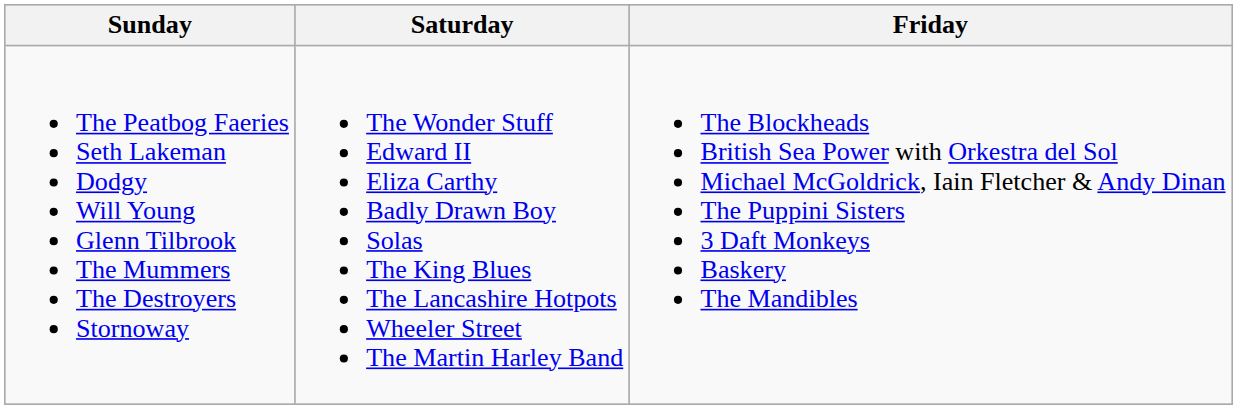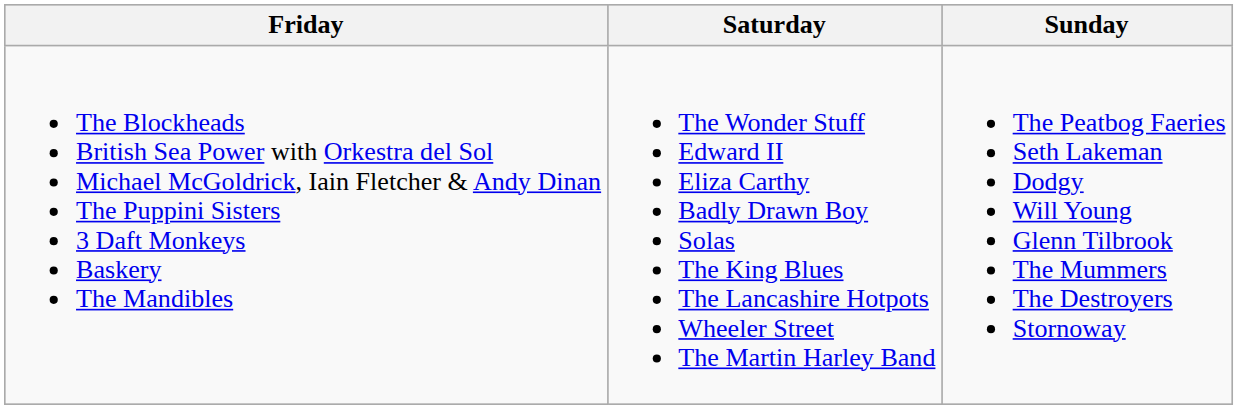 <table class="wikitable">
 <tr>
+<th>Friday</th>
+<th>Saturday</th>
 <th>Sunday</th>
-<th>Saturday</th>
-<th>Friday</th>
 </tr>
 <tr valign="top">
+<td><br><ul><li><a href='#'>The Blockheads</a></li><li><a href='#'>British Sea Power</a> with <a href='#'>Orkestra del Sol</a></li><li><a href='#'>Michael McGoldrick</a>, Iain Fletcher & <a href='#'>Andy Dinan</a></li><li><a href='#'>The Puppini Sisters</a></li><li><a href='#'>3 Daft Monkeys</a></li><li><a href='#'>Baskery</a></li><li><a href='#'>The Mandibles</a></li></ul></td>
+<td><br><ul><li><a href='#'>The Wonder Stuff</a></li><li><a href='#'>Edward II</a></li><li><a href='#'>Eliza Carthy</a></li><li><a href='#'>Badly Drawn Boy</a></li><li><a href='#'>Solas</a></li><li><a href='#'>The King Blues</a></li><li><a href='#'>The Lancashire Hotpots</a></li><li><a href='#'>Wheeler Street</a></li><li><a href='#'>The Martin Harley Band</a></li></ul></td>
 <td><br><ul><li><a href='#'>The Peatbog Faeries</a></li><li><a href='#'>Seth Lakeman</a></li><li><a href='#'>Dodgy</a></li><li><a href='#'>Will Young</a></li><li><a href='#'>Glenn Tilbrook</a></li><li><a href='#'>The Mummers</a></li><li><a href='#'>The Destroyers</a></li><li><a href='#'>Stornoway</a></li></ul></td>
-<td><br><ul><li><a href='#'>The Wonder Stuff</a></li><li><a href='#'>Edward II</a></li><li><a href='#'>Eliza Carthy</a></li><li><a href='#'>Badly Drawn Boy</a></li><li><a href='#'>Solas</a></li><li><a href='#'>The King Blues</a></li><li><a href='#'>The Lancashire Hotpots</a></li><li><a href='#'>Wheeler Street</a></li><li><a href='#'>The Martin Harley Band</a></li></ul></td>
-<td><br><ul><li><a href='#'>The Blockheads</a></li><li><a href='#'>British Sea Power</a> with <a href='#'>Orkestra del Sol</a></li><li><a href='#'>Michael McGoldrick</a>, Iain Fletcher & <a href='#'>Andy Dinan</a></li><li><a href='#'>The Puppini Sisters</a></li><li><a href='#'>3 Daft Monkeys</a></li><li><a href='#'>Baskery</a></li><li><a href='#'>The Mandibles</a></li></ul></td>
 </tr>
 </table>
